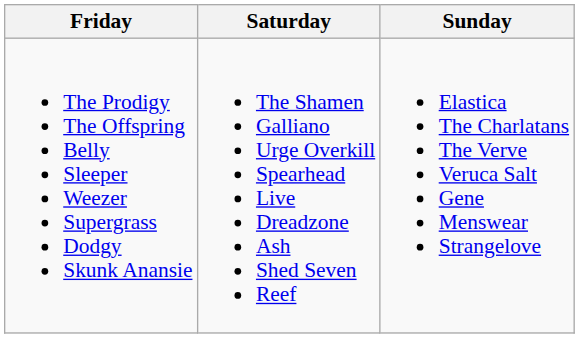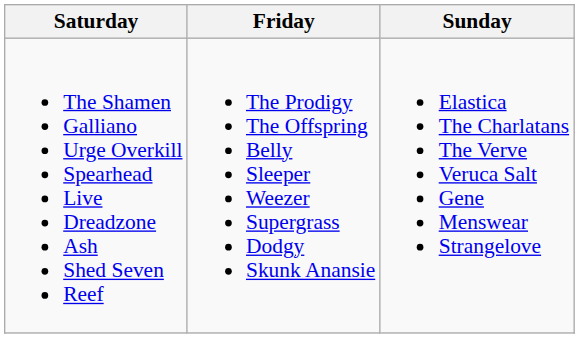 <table class="wikitable">
 <tr>
+<th>Saturday</th>
 <th>Friday</th>
-<th>Saturday</th>
 <th>Sunday</th>
 </tr>
 <tr valign="top">
+<td><br><ul><li><a href='#'>The Shamen</a></li><li><a href='#'>Galliano</a></li><li><a href='#'>Urge Overkill</a></li><li><a href='#'>Spearhead</a></li><li><a href='#'>Live</a></li><li><a href='#'>Dreadzone</a></li><li><a href='#'>Ash</a></li><li><a href='#'>Shed Seven</a></li><li><a href='#'>Reef</a></li></ul></td>
 <td><br><ul><li><a href='#'>The Prodigy</a></li><li><a href='#'>The Offspring</a></li><li><a href='#'>Belly</a></li><li><a href='#'>Sleeper</a></li><li><a href='#'>Weezer</a></li><li><a href='#'>Supergrass</a></li><li><a href='#'>Dodgy</a></li><li><a href='#'>Skunk Anansie</a></li></ul></td>
-<td><br><ul><li><a href='#'>The Shamen</a></li><li><a href='#'>Galliano</a></li><li><a href='#'>Urge Overkill</a></li><li><a href='#'>Spearhead</a></li><li><a href='#'>Live</a></li><li><a href='#'>Dreadzone</a></li><li><a href='#'>Ash</a></li><li><a href='#'>Shed Seven</a></li><li><a href='#'>Reef</a></li></ul></td>
 <td><br><ul><li><a href='#'>Elastica</a></li><li><a href='#'>The Charlatans</a></li><li><a href='#'>The Verve</a></li><li><a href='#'>Veruca Salt</a></li><li><a href='#'>Gene</a></li><li><a href='#'>Menswear</a></li><li><a href='#'>Strangelove</a></li></ul></td>
 </tr>
 </table>
